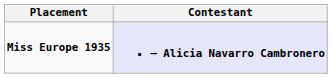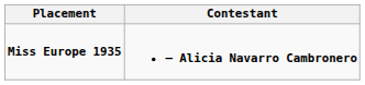 <table class="wikitable sortable" style="font-size: 95%;">
 <tr>
 <th>Placement</th>
 <th>Contestant</th>
 </tr>
 <tr>
 <td><strong>Miss Europe 1935</strong></td>
-<td style="background: lavender;"><br><ul><li><strong> – Alicia Navarro Cambronero</strong></li></ul></td>
+<td><br><ul><li><strong> – Alicia Navarro Cambronero</strong></li></ul></td>
 </tr>
 </table>
